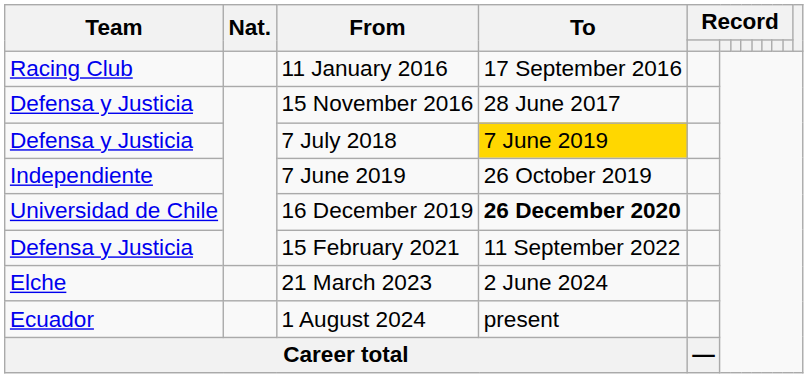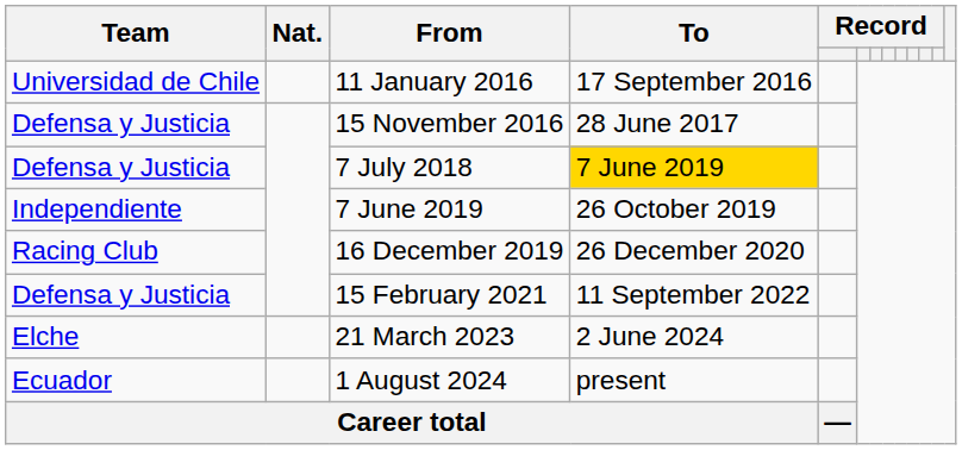 <table class="wikitable" style="text-align: center">
 <tr>
 <th rowspan="2">Team</th>
 <th rowspan="2">Nat.</th>
 <th rowspan="2">From</th>
 <th rowspan="2">To</th>
 <th colspan="8">Record</th>
 <th rowspan=2></th>
 </tr>
 <tr>
 <th></th>
 <th></th>
 <th></th>
 <th></th>
 <th></th>
 <th></th>
 <th></th>
 <th></th>
 </tr>
 <tr>
-<td align="left"><a href='#'>Racing Club</a></td>
+<td align="left"><a href='#'>Universidad de Chile</a></td>
 <td></td>
 <td align=left>11 January 2016</td>
 <td align=left>17 September 2016<br></td>
 <td></td>
 </tr>
 <tr>
 <td align="left"><a href='#'>Defensa y Justicia</a></td>
 <td rowspan="5"></td>
 <td align=left>15 November 2016</td>
 <td align=left>28 June 2017<br></td>
 <td></td>
 </tr>
 <tr>
 <td align="left"><a href='#'>Defensa y Justicia</a></td>
 <td align=left>7 July 2018</td>
 <td align=left style="background: gold;">7 June 2019<br></td>
 <td></td>
 </tr>
 <tr>
 <td align="left"><a href='#'>Independiente</a></td>
 <td align=left>7 June 2019</td>
 <td align=left>26 October 2019<br></td>
 <td></td>
 </tr>
 <tr>
-<td align="left"><a href='#'>Universidad de Chile</a></td>
+<td align="left"><a href='#'>Racing Club</a></td>
 <td align=left>16 December 2019</td>
-<td align=left><strong>26 December 2020<br></strong></td>
+<td align=left>26 December 2020<br></td>
 <td></td>
 </tr>
 <tr>
 <td align="left"><a href='#'>Defensa y Justicia</a></td>
 <td align=left>15 February 2021</td>
 <td align=left>11 September 2022<br></td>
 <td></td>
 </tr>
 <tr>
 <td align="left"><a href='#'>Elche</a></td>
 <td></td>
 <td align=left>21 March 2023</td>
 <td align=left>2 June 2024<br></td>
 <td></td>
 </tr>
 <tr>
 <td align="left"><a href='#'>Ecuador</a></td>
 <td></td>
 <td align=left>1 August 2024</td>
 <td align=left>present<br></td>
 <td></td>
 </tr>
 <tr>
 <th colspan=4><strong>Career total</strong><br></th>
 <th>—</th>
 </tr>
 </table>
